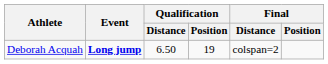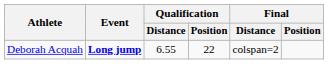 <table class=wikitable style=font-size:90%>
 <tr>
 <th rowspan=2>Athlete</th>
 <th rowspan=2>Event</th>
 <th colspan=2>Qualification</th>
 <th colspan=2>Final</th>
 </tr>
 <tr style=font-size:95%>
 <th>Distance</th>
 <th>Position</th>
 <th>Distance</th>
 <th>Position</th>
 </tr>
 <tr align=center>
 <td align=left><a href='#'>Deborah Acquah</a></td>
 <td align=left><strong><a href='#'>Long jump</a></strong></td>
-<td>6.50</td>
-<td>19</td>
+<td>6.55</td>
+<td>22</td>
 <td>colspan=2 </td>
 </tr>
 </table>
